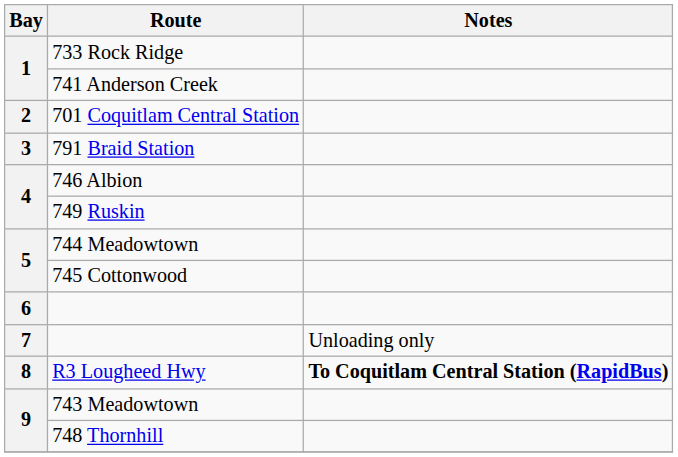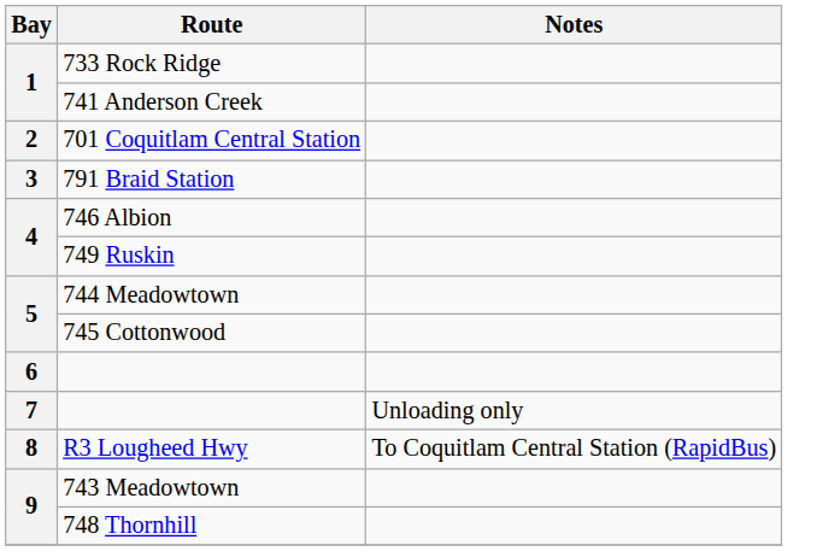 <table class="wikitable">
 <tr>
 <th>Bay</th>
 <th>Route</th>
 <th>Notes</th>
 </tr>
 <tr>
 <th rowspan="2">1</th>
 <td>733 Rock Ridge</td>
 <td></td>
 </tr>
 <tr>
 <td>741 Anderson Creek</td>
 <td></td>
 </tr>
 <tr>
 <th>2</th>
 <td>701 <a href='#'>Coquitlam Central Station</a></td>
 <td></td>
 </tr>
 <tr>
 <th>3</th>
 <td>791 <a href='#'>Braid Station</a></td>
 <td></td>
 </tr>
 <tr>
 <th rowspan="2">4</th>
 <td>746 Albion</td>
 <td></td>
 </tr>
 <tr>
 <td>749 <a href='#'>Ruskin</a></td>
 <td></td>
 </tr>
 <tr>
 <th rowspan="2">5</th>
 <td>744 Meadowtown</td>
 <td></td>
 </tr>
 <tr>
 <td>745 Cottonwood</td>
 <td></td>
 </tr>
 <tr>
 <th>6</th>
 <td></td>
 <td></td>
 </tr>
 <tr>
 <th>7</th>
 <td></td>
 <td>Unloading only</td>
 </tr>
 <tr>
 <th>8</th>
 <td><a href='#'>R3 Lougheed Hwy</a></td>
-<td><strong>To Coquitlam Central Station (<a href='#'>RapidBus</a>)</strong></td>
+<td>To Coquitlam Central Station (<a href='#'>RapidBus</a>)</td>
 </tr>
 <tr>
 <th rowspan="2">9</th>
 <td>743 Meadowtown</td>
 <td></td>
 </tr>
 <tr>
 <td>748 <a href='#'>Thornhill</a></td>
 <td></td>
 </tr>
 <tr>
 </tr>
 </table>
